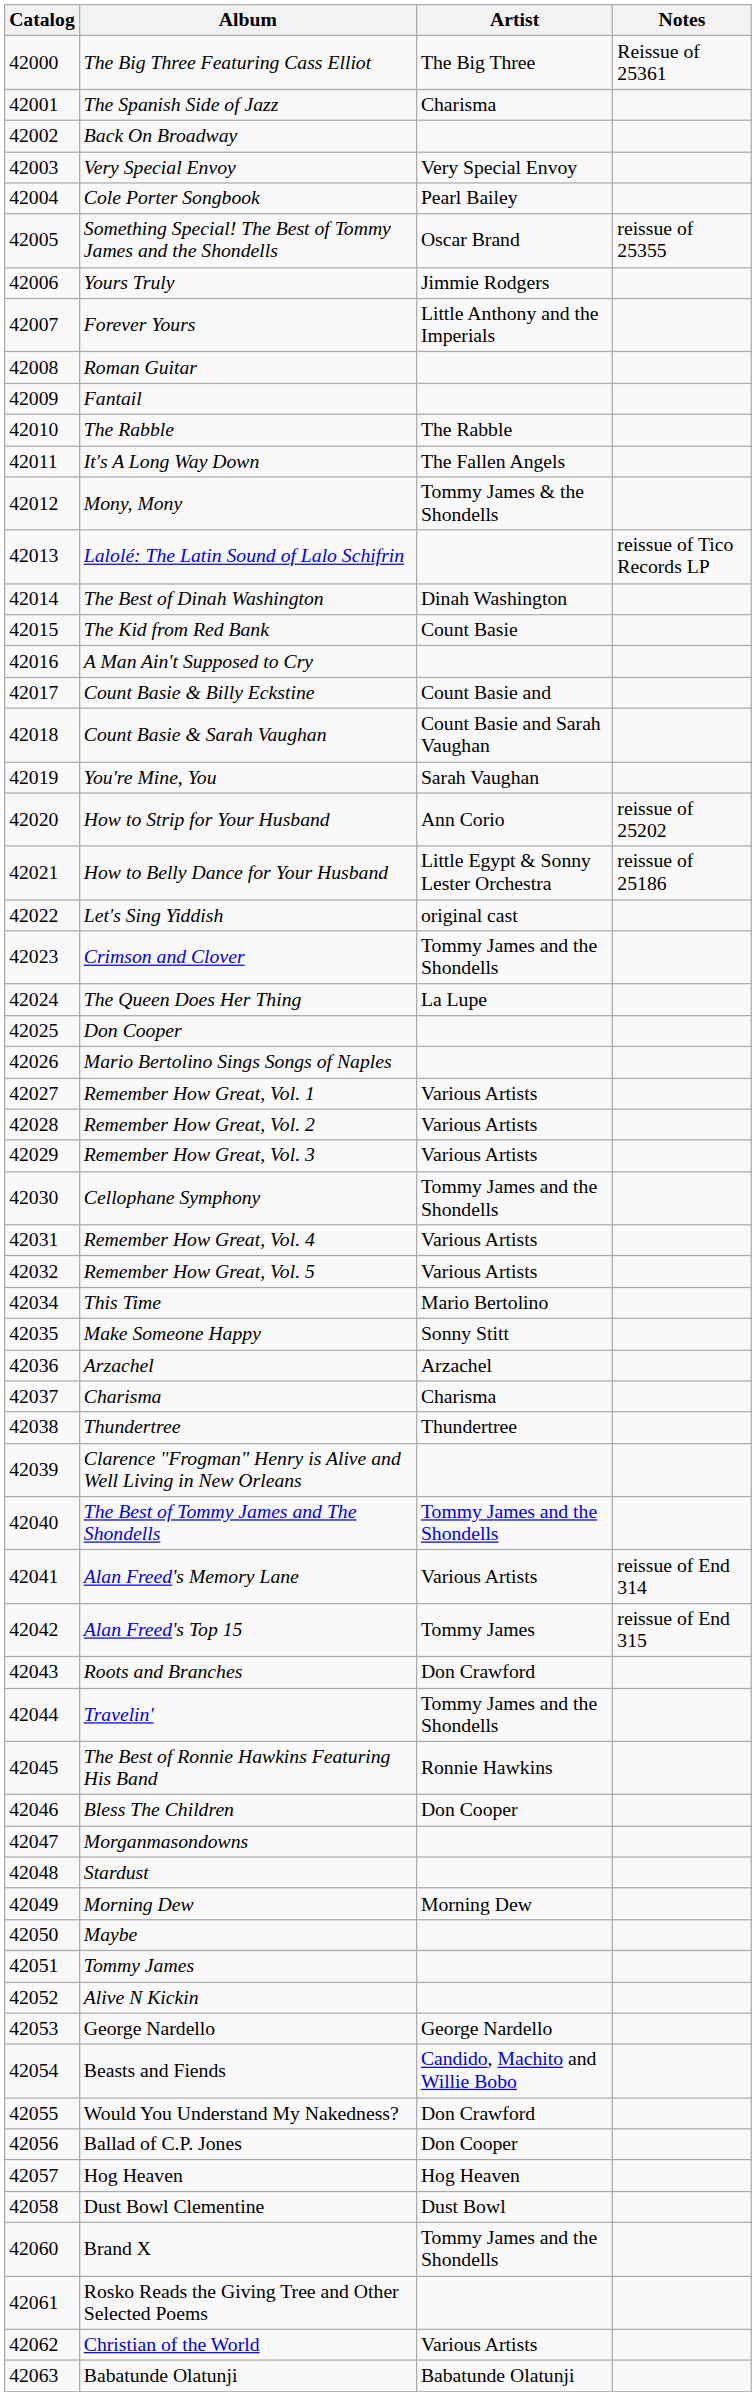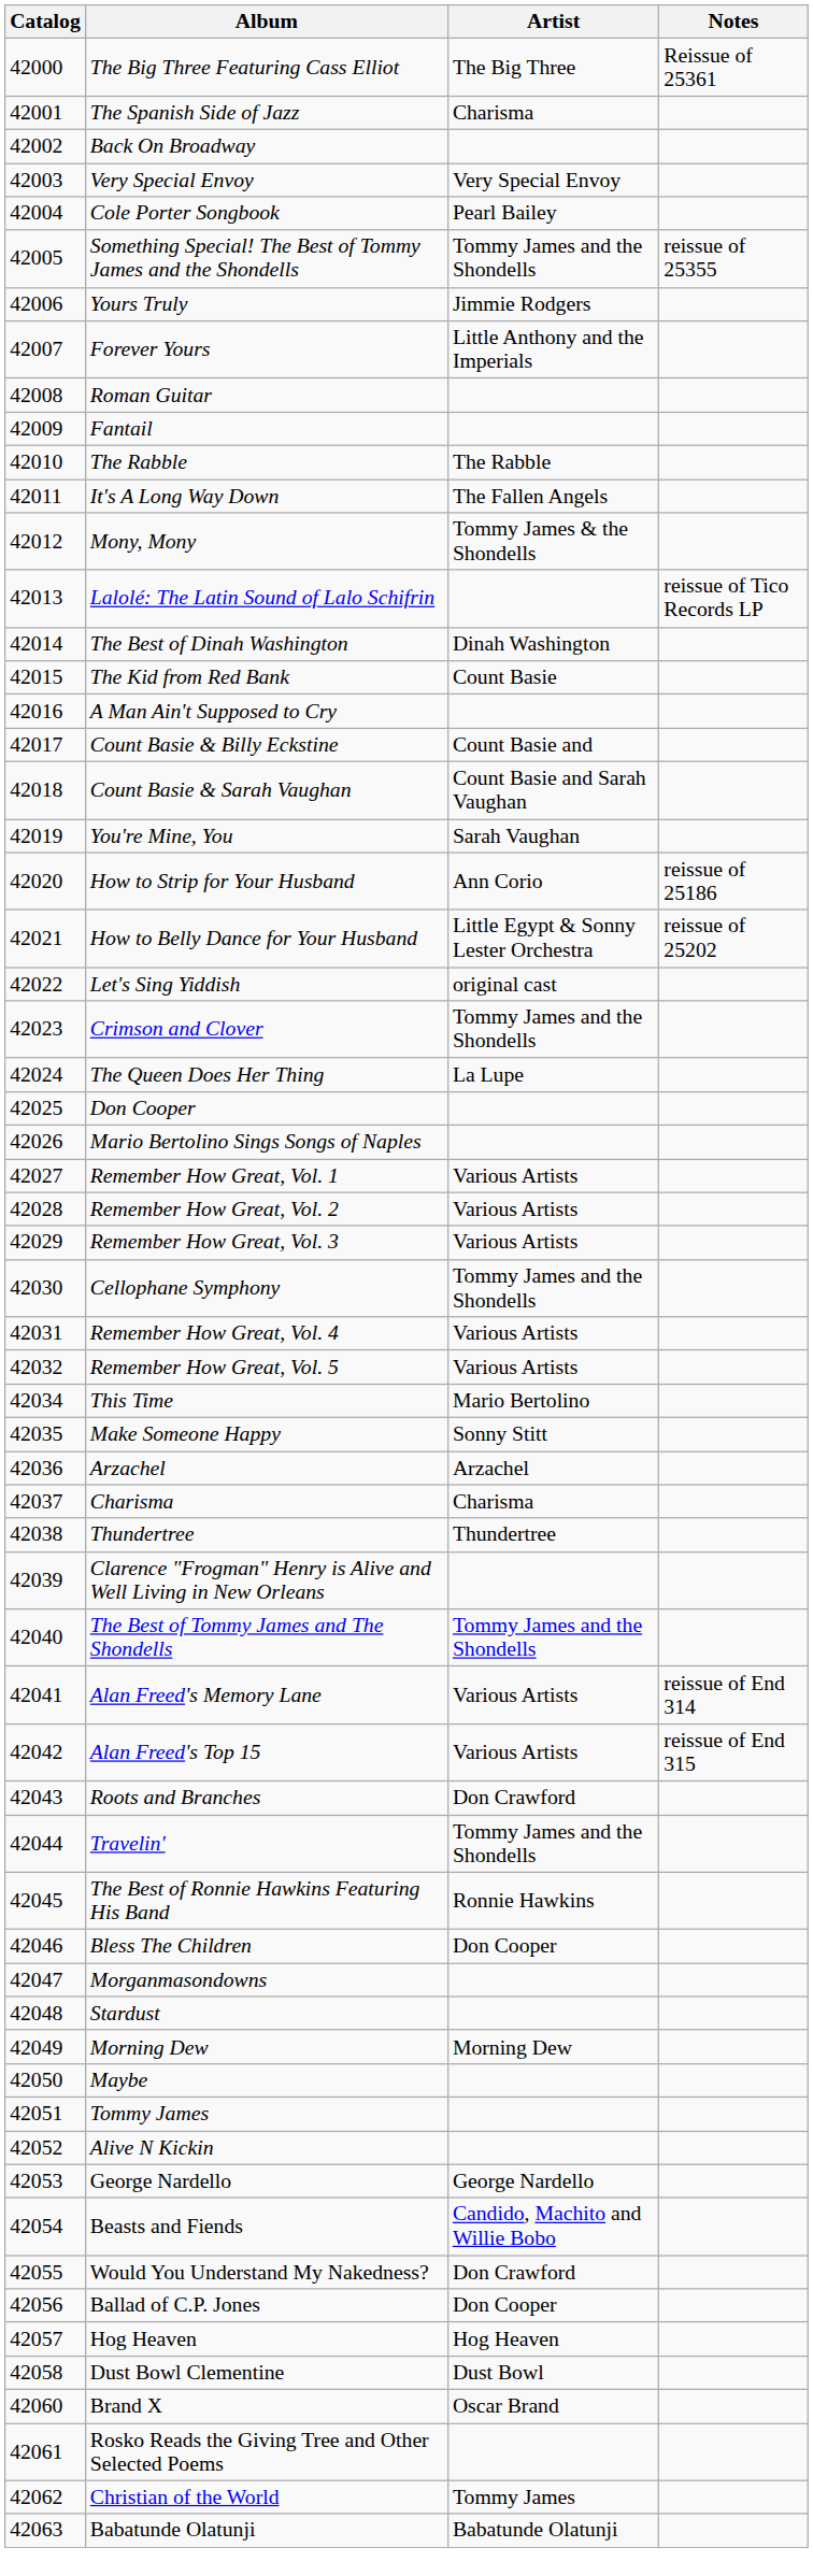 <table class="wikitable sortable">
 <tr>
 <th>Catalog</th>
 <th>Album</th>
 <th>Artist</th>
 <th>Notes</th>
 </tr>
 <tr>
 <td>42000</td>
 <td><em>The Big Three Featuring Cass Elliot</em></td>
 <td>The Big Three</td>
 <td>Reissue of 25361</td>
 </tr>
 <tr>
 <td>42001</td>
 <td><em>The Spanish Side of Jazz</em></td>
 <td>Charisma</td>
 <td></td>
 </tr>
 <tr>
 <td>42002</td>
 <td><em>Back On Broadway</em></td>
 <td></td>
 <td></td>
 </tr>
 <tr>
 <td>42003</td>
 <td><em>Very Special Envoy</em></td>
 <td>Very Special Envoy</td>
 <td></td>
 </tr>
 <tr>
 <td>42004</td>
 <td><em>Cole Porter Songbook</em></td>
 <td>Pearl Bailey</td>
 <td></td>
 </tr>
 <tr>
 <td>42005</td>
 <td><em>Something Special! The Best of Tommy James and the Shondells</em></td>
-<td>Oscar Brand</td>
+<td>Tommy James and the Shondells</td>
 <td>reissue of 25355</td>
 </tr>
 <tr>
 <td>42006</td>
 <td><em>Yours Truly</em></td>
 <td>Jimmie Rodgers</td>
 <td></td>
 </tr>
 <tr>
 <td>42007</td>
 <td><em>Forever Yours</em></td>
 <td>Little Anthony and the Imperials</td>
 <td></td>
 </tr>
 <tr>
 <td>42008</td>
 <td><em>Roman Guitar</em></td>
 <td></td>
 <td></td>
 </tr>
 <tr>
 <td>42009</td>
 <td><em>Fantail</em></td>
 <td></td>
 <td></td>
 </tr>
 <tr>
 <td>42010</td>
 <td><em>The Rabble</em></td>
 <td>The Rabble</td>
 <td></td>
 </tr>
 <tr>
 <td>42011</td>
 <td><em>It's A Long Way Down</em></td>
 <td>The Fallen Angels</td>
 <td></td>
 </tr>
 <tr>
 <td>42012</td>
 <td><em>Mony, Mony</em></td>
 <td>Tommy James & the Shondells</td>
 <td></td>
 </tr>
 <tr>
 <td>42013</td>
 <td><em><a href='#'>Lalolé: The Latin Sound of Lalo Schifrin</a></em></td>
 <td></td>
 <td>reissue of Tico Records LP</td>
 </tr>
 <tr>
 <td>42014</td>
 <td><em>The Best of Dinah Washington</em></td>
 <td>Dinah Washington</td>
 <td></td>
 </tr>
 <tr>
 <td>42015</td>
 <td><em>The Kid from Red Bank</em></td>
 <td>Count Basie</td>
 <td></td>
 </tr>
 <tr>
 <td>42016</td>
 <td><em>A Man Ain't Supposed to Cry</em></td>
 <td></td>
 <td></td>
 </tr>
 <tr>
 <td>42017</td>
 <td><em>Count Basie & Billy Eckstine</em></td>
 <td>Count Basie and </td>
 <td></td>
 </tr>
 <tr>
 <td>42018</td>
 <td><em>Count Basie & Sarah Vaughan</em></td>
 <td>Count Basie and Sarah Vaughan</td>
 <td></td>
 </tr>
 <tr>
 <td>42019</td>
 <td><em>You're Mine, You</em></td>
 <td>Sarah Vaughan</td>
 <td></td>
 </tr>
 <tr>
 <td>42020</td>
 <td><em>How to Strip for Your Husband</em></td>
 <td>Ann Corio</td>
-<td>reissue of 25202</td>
+<td>reissue of 25186</td>
 </tr>
 <tr>
 <td>42021</td>
 <td><em>How to Belly Dance for Your Husband</em></td>
 <td>Little Egypt & Sonny Lester Orchestra</td>
-<td>reissue of 25186</td>
+<td>reissue of 25202</td>
 </tr>
 <tr>
 <td>42022</td>
 <td><em>Let's Sing Yiddish</em></td>
 <td>original cast</td>
 <td></td>
 </tr>
 <tr>
 <td>42023</td>
 <td><em><a href='#'>Crimson and Clover</a></em></td>
 <td>Tommy James and the Shondells</td>
 <td></td>
 </tr>
 <tr>
 <td>42024</td>
 <td><em>The Queen Does Her Thing</em></td>
 <td>La Lupe</td>
 <td></td>
 </tr>
 <tr>
 <td>42025</td>
 <td><em>Don Cooper</em></td>
 <td></td>
 <td></td>
 </tr>
 <tr>
 <td>42026</td>
 <td><em>Mario Bertolino Sings Songs of Naples</em></td>
 <td></td>
 <td></td>
 </tr>
 <tr>
 <td>42027</td>
 <td><em>Remember How Great, Vol. 1</em></td>
 <td>Various Artists</td>
 <td></td>
 </tr>
 <tr>
 <td>42028</td>
 <td><em>Remember How Great, Vol. 2</em></td>
 <td>Various Artists</td>
 <td></td>
 </tr>
 <tr>
 <td>42029</td>
 <td><em>Remember How Great, Vol. 3</em></td>
 <td>Various Artists</td>
 <td></td>
 </tr>
 <tr>
 <td>42030</td>
 <td><em>Cellophane Symphony</em></td>
 <td>Tommy James and the Shondells</td>
 <td></td>
 </tr>
 <tr>
 <td>42031</td>
 <td><em>Remember How Great, Vol. 4</em></td>
 <td>Various Artists</td>
 <td></td>
 </tr>
 <tr>
 <td>42032</td>
 <td><em>Remember How Great, Vol. 5</em></td>
 <td>Various Artists</td>
 <td></td>
 </tr>
 <tr>
 <td>42034</td>
 <td><em>This Time</em></td>
 <td>Mario Bertolino</td>
 <td></td>
 </tr>
 <tr>
 <td>42035</td>
 <td><em>Make Someone Happy</em></td>
 <td>Sonny Stitt</td>
 <td></td>
 </tr>
 <tr>
 <td>42036</td>
 <td><em>Arzachel</em></td>
 <td>Arzachel</td>
 <td></td>
 </tr>
 <tr>
 <td>42037</td>
 <td><em>Charisma</em></td>
 <td>Charisma</td>
 <td></td>
 </tr>
 <tr>
 <td>42038</td>
 <td><em>Thundertree</em></td>
 <td>Thundertree</td>
 <td></td>
 </tr>
 <tr>
 <td>42039</td>
 <td><em>Clarence "Frogman" Henry is Alive and Well Living in New Orleans</em></td>
 <td></td>
 <td></td>
 </tr>
 <tr>
 <td>42040</td>
 <td><em><a href='#'>The Best of Tommy James and The Shondells</a></em></td>
 <td><a href='#'>Tommy James and the Shondells</a></td>
 <td></td>
 </tr>
 <tr>
 <td>42041</td>
 <td><em><a href='#'>Alan Freed</a>'s Memory Lane</em></td>
 <td>Various Artists</td>
 <td>reissue of End 314</td>
 </tr>
 <tr>
 <td>42042</td>
 <td><em><a href='#'>Alan Freed</a>'s Top 15</em></td>
-<td>Tommy James</td>
+<td>Various Artists</td>
 <td>reissue of End 315</td>
 </tr>
 <tr>
 <td>42043</td>
 <td><em>Roots and Branches</em></td>
 <td>Don Crawford</td>
 <td></td>
 </tr>
 <tr>
 <td>42044</td>
 <td><em><a href='#'>Travelin'</a></em></td>
 <td>Tommy James and the Shondells</td>
 <td></td>
 </tr>
 <tr>
 <td>42045</td>
 <td><em>The Best of Ronnie Hawkins Featuring His Band</em></td>
 <td>Ronnie Hawkins</td>
 <td></td>
 </tr>
 <tr>
 <td>42046</td>
 <td><em>Bless The Children</em></td>
 <td>Don Cooper</td>
 <td></td>
 </tr>
 <tr>
 <td>42047</td>
 <td><em>Morganmasondowns</em></td>
 <td></td>
 <td></td>
 </tr>
 <tr>
 <td>42048</td>
 <td><em>Stardust</em></td>
 <td></td>
 <td></td>
 </tr>
 <tr>
 <td>42049</td>
 <td><em>Morning Dew</em></td>
 <td>Morning Dew</td>
 <td></td>
 </tr>
 <tr>
 <td>42050</td>
 <td><em>Maybe</em></td>
 <td></td>
 <td></td>
 </tr>
 <tr>
 <td>42051</td>
 <td><em>Tommy James</em></td>
 <td></td>
 <td></td>
 </tr>
 <tr>
 <td>42052</td>
 <td><em>Alive N Kickin<strong></td>
 <td></td>
 <td></td>
 </tr>
 <tr>
 <td>42053</td>
 <td></em>George Nardello<em></td>
 <td>George Nardello</td>
 <td></td>
 </tr>
 <tr>
 <td>42054</td>
 <td></em>Beasts and Fiends<em></td>
 <td><a href='#'>Candido</a>, <a href='#'>Machito</a> and <a href='#'>Willie Bobo</a></td>
 <td></td>
 </tr>
 <tr>
 <td>42055</td>
 <td></em>Would You Understand My Nakedness?<em></td>
 <td>Don Crawford</td>
 <td></td>
 </tr>
 <tr>
 <td>42056</td>
 <td></em>Ballad of C.P. Jones<em></td>
 <td>Don Cooper</td>
 <td></td>
 </tr>
 <tr>
 <td>42057</td>
 <td></em>Hog Heaven<em></td>
 <td>Hog Heaven</td>
 <td></td>
 </tr>
 <tr>
 <td>42058</td>
 <td></em>Dust Bowl Clementine<em></td>
 <td>Dust Bowl</td>
 <td></td>
 </tr>
 <tr>
 <td>42060</td>
 <td></em>Brand X<em></td>
-<td>Tommy James and the Shondells</td>
+<td>Oscar Brand</td>
 <td></td>
 </tr>
 <tr>
 <td>42061</td>
 <td></em>Rosko Reads the Giving Tree and Other Selected Poems<em></td>
 <td></td>
 <td></td>
 </tr>
 <tr>
 <td>42062</td>
 <td></em><a href='#'>Christian of the World</a><em></td>
-<td>Various Artists</td>
+<td>Tommy James</td>
 <td></td>
 </tr>
 <tr>
 <td>42063</td>
 <td></em>Babatunde Olatunji<em></td>
 <td>Babatunde Olatunji</td>
 <td></td>
 </tr>
 <tr>
 </tr>
 </table>
